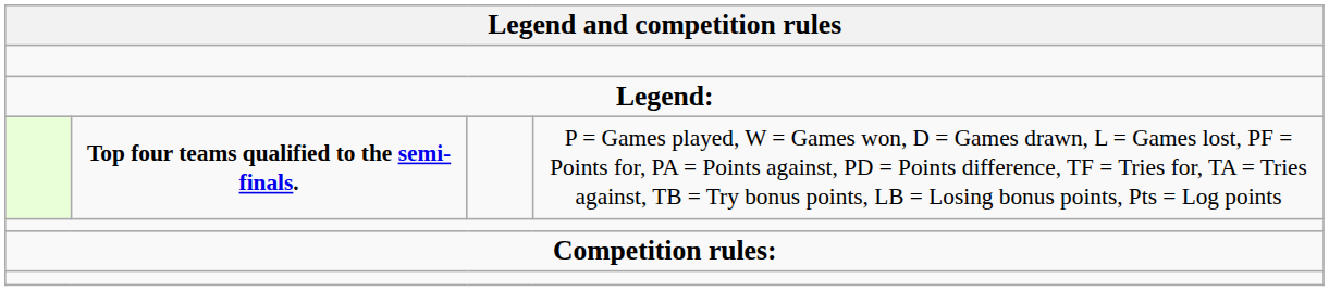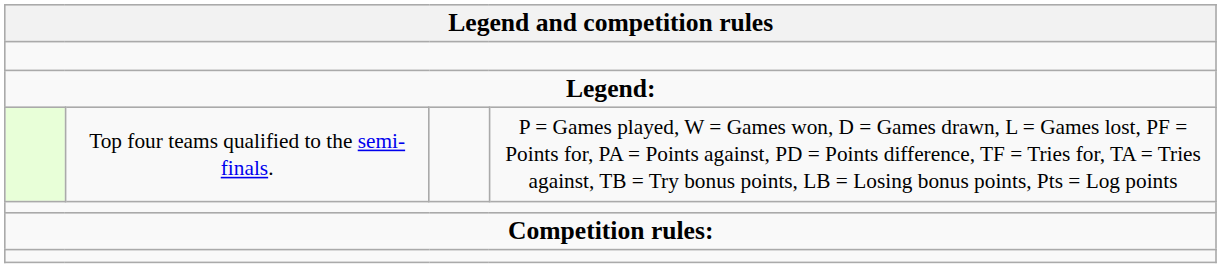 <table class="wikitable collapsible collapsed" style="text-align:center; line-height:100%; font-size:100%; width:60%;">
 <tr>
 <th colspan="100%" style="border:0px">Legend and competition rules</th>
 </tr>
 <tr>
 <td colspan="100%" style="height:10px"></td>
 </tr>
 <tr>
 <td colspan="100%" style="border:0px"><strong>Legend:</strong></td>
 </tr>
 <tr>
 <td style="height:10px; width:5%; background:#E8FFD8;"></td>
-<td style="width:30%;"><strong><small>Top four teams qualified to the <a href='#'>semi-finals</a>.</small></strong></td>
+<td style="width:30%;"><small>Top four teams qualified to the <a href='#'>semi-finals</a>.</small></td>
 <td style="width:5%;"></td>
 <td style="width:60%;"><small>P = Games played, W = Games won, D = Games drawn, L = Games lost, PF = Points for, PA = Points against, PD = Points difference, TF = Tries for, TA = Tries against, TB = Try bonus points, LB = Losing bonus points, Pts = Log points</small></td>
 </tr>
 <tr>
 <td colspan="100%"></td>
 </tr>
 <tr>
 <td colspan="100%" style="border:0px"><strong>Competition rules:</strong></td>
 </tr>
 <tr>
 <td colspan="100%"></td>
 </tr>
 </table>
